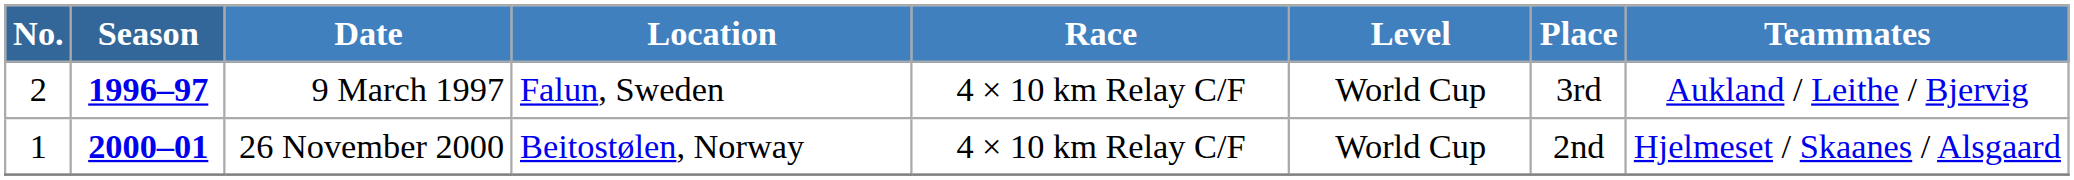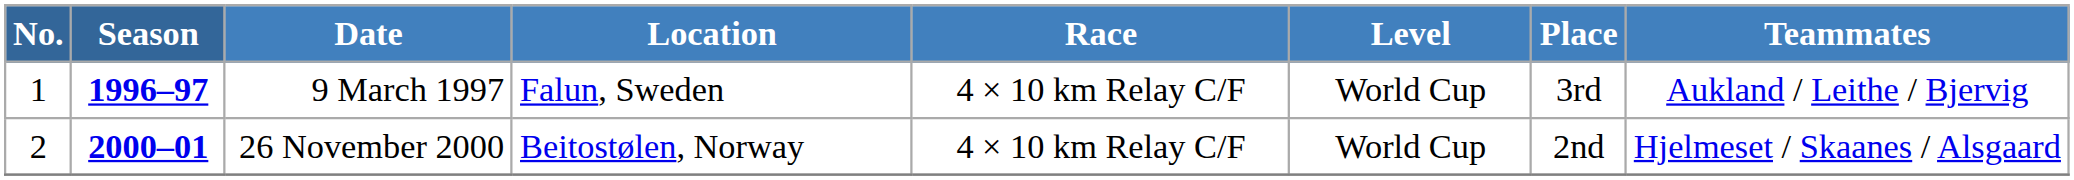 <table class="wikitable sortable" style="font-size:95%; text-align:center; border:grey solid 1px; border-collapse:collapse; background:#ffffff;">
 <tr style="background:#efefef;">
 <th style="background-color:#369; color:white;">No.</th>
 <th style="background-color:#369; color:white;">Season</th>
 <th style="background-color:#4180be; color:white; width:120px;">Date</th>
 <th style="background-color:#4180be; color:white; width:170px;">Location</th>
 <th style="background-color:#4180be; color:white; width:160px;">Race</th>
 <th style="background-color:#4180be; color:white; width:100px;">Level</th>
 <th style="background-color:#4180be; color:white;">Place</th>
 <th style="background-color:#4180be; color:white;">Teammates</th>
 </tr>
 <tr>
-<td align=center>2</td>
+<td align=center>1</td>
 <td rowspan=1 align=center><strong> <a href='#'>1996–97</a> </strong></td>
 <td align=right>9 March 1997</td>
 <td align=left> <a href='#'>Falun</a>, Sweden</td>
 <td>4 × 10 km Relay C/F</td>
 <td>World Cup</td>
 <td>3rd</td>
 <td><a href='#'>Aukland</a> / <a href='#'>Leithe</a> / <a href='#'>Bjervig</a></td>
 </tr>
 <tr>
-<td align=center>1</td>
+<td align=center>2</td>
 <td rowspan=1 align=center><strong> <a href='#'>2000–01</a> </strong></td>
 <td align=right>26 November 2000</td>
 <td align=left> <a href='#'>Beitostølen</a>, Norway</td>
 <td>4 × 10 km Relay C/F</td>
 <td>World Cup</td>
 <td>2nd</td>
 <td><a href='#'>Hjelmeset</a> / <a href='#'>Skaanes</a> / <a href='#'>Alsgaard</a></td>
 </tr>
 <tr>
 </tr>
 </table>
